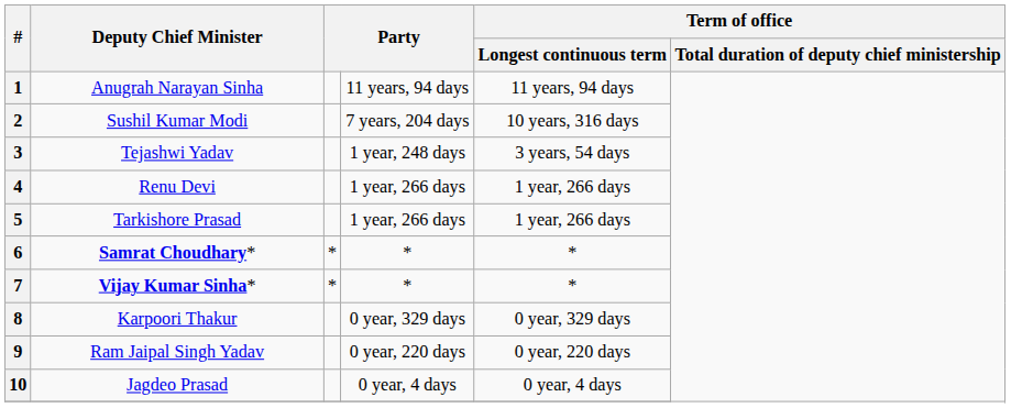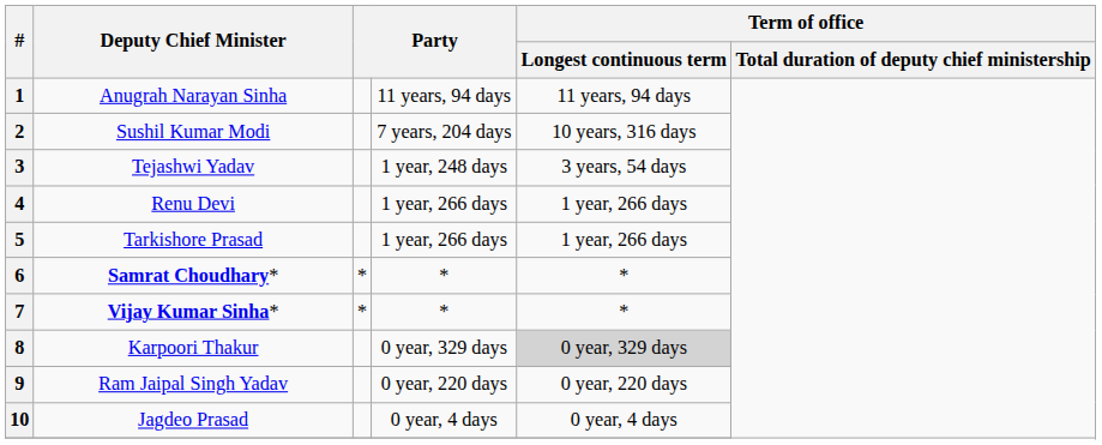 <table class="wikitable sortable" style="line-height:1.4em; text-align:center">
 <tr>
 <th data-sort-type=number rowspan = "2">#</th>
 <th rowspan="2" style="width:16em">Deputy Chief Minister</th>
 <th rowspan="2" colspan=2 style="width:8em">Party</th>
 <th colspan="2">Term of office</th>
 </tr>
 <tr>
 <th>Longest continuous term</th>
 <th>Total duration of deputy chief ministership</th>
 </tr>
 <tr>
 <th data-sort-value="1">1</th>
 <td><a href='#'>Anugrah Narayan Sinha</a></td>
 <td></td>
 <td>11 years, 94 days</td>
 <td>11 years, 94 days</td>
 </tr>
 <tr>
 <th data-sort-value="2">2</th>
 <td><a href='#'>Sushil Kumar Modi</a></td>
 <td></td>
 <td>7 years, 204 days</td>
 <td>10 years, 316 days</td>
 </tr>
 <tr>
 <th data-sort-value="3">3</th>
 <td><a href='#'>Tejashwi Yadav</a></td>
 <td></td>
 <td>1 year, 248 days</td>
 <td>3 years, 54 days</td>
 </tr>
 <tr>
 <th data-sort-value="4">4</th>
 <td><a href='#'>Renu Devi</a></td>
 <td></td>
 <td>1 year, 266 days</td>
 <td>1 year, 266 days</td>
 </tr>
 <tr>
 <th data-sort-value="5">5</th>
 <td><a href='#'>Tarkishore Prasad</a></td>
 <td></td>
 <td>1 year, 266 days</td>
 <td>1 year, 266 days</td>
 </tr>
 <tr>
 <th data-sort-value="6">6</th>
 <td><strong><a href='#'>Samrat Choudhary</a></strong>*</td>
 <td>*</td>
 <td><strong></strong>*</td>
 <td><strong></strong>*</td>
 </tr>
 <tr>
 <th data-sort-value="7">7</th>
 <td><strong><a href='#'>Vijay Kumar Sinha</a></strong>*</td>
 <td>*</td>
 <td><strong></strong>*</td>
 <td><strong></strong>*</td>
 </tr>
 <tr>
 <th data-sort-value="8">8</th>
 <td><a href='#'>Karpoori Thakur</a></td>
 <td></td>
 <td>0 year, 329 days</td>
-<td>0 year, 329 days</td>
+<td style="background: lightgrey;">0 year, 329 days</td>
 </tr>
 <tr>
 <th data-sort-value="9">9</th>
 <td><a href='#'>Ram Jaipal Singh Yadav</a></td>
 <td></td>
 <td>0 year, 220 days</td>
 <td>0 year, 220 days</td>
 </tr>
 <tr>
 <th data-sort-value="10">10</th>
 <td><a href='#'>Jagdeo Prasad</a></td>
 <td></td>
 <td>0 year, 4 days</td>
 <td>0 year, 4 days</td>
 </tr>
 <tr>
 </tr>
 </table>
